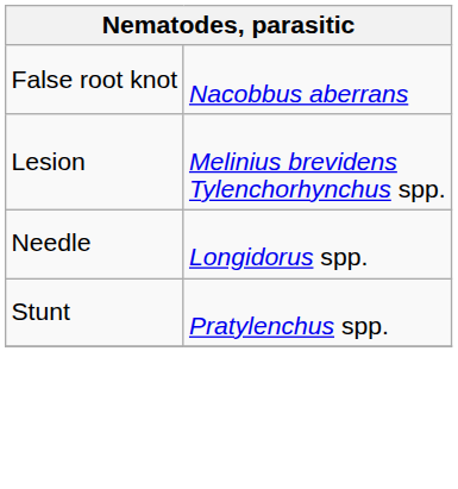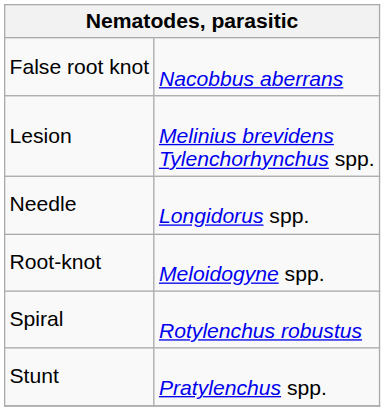 <table class="wikitable" style="clear">
 <tr>
 <th colspan=2><strong>Nematodes, parasitic</strong><br></th>
 </tr>
 <tr>
 <td>False root knot</td>
 <td><br><em><a href='#'>Nacobbus aberrans</a></em></td>
 </tr>
 <tr>
 <td>Lesion</td>
 <td><br><em><a href='#'>Melinius brevidens</a></em><br> <em><a href='#'>Tylenchorhynchus</a></em> spp.</td>
 </tr>
 <tr>
 <td>Needle</td>
 <td><br><em><a href='#'>Longidorus</a></em> spp.</td>
 </tr>
 <tr>
+<td>Root-knot</td>
+<td><br><em><a href='#'>Meloidogyne</a></em> spp.</td>
+</tr>
+<tr>
+<td>Spiral</td>
+<td><br><em><a href='#'>Rotylenchus robustus</a></em></td>
+</tr>
+<tr>
 <td>Stunt</td>
 <td><br><em><a href='#'>Pratylenchus</a></em> spp.</td>
 </tr>
 <tr>
 </tr>
 </table>
